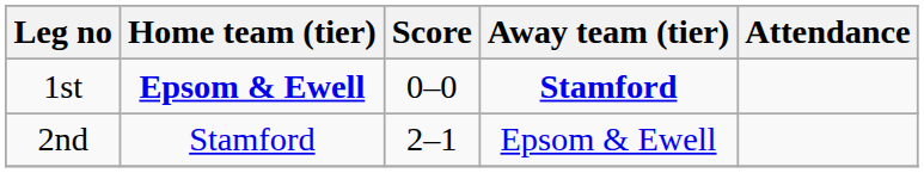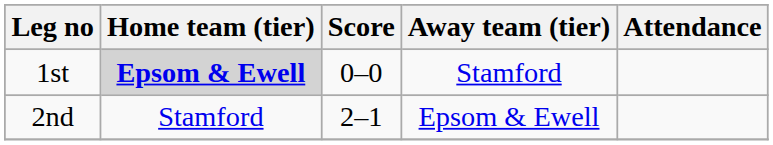 <table class="wikitable" style="text-align:center">
 <tr>
 <th>Leg no</th>
 <th>Home team (tier)</th>
 <th>Score</th>
 <th>Away team (tier)</th>
 <th>Attendance</th>
 </tr>
 <tr>
 <td>1st</td>
-<td><strong><a href='#'>Epsom & Ewell</a></strong></td>
+<td style="background: lightgrey;"><strong><a href='#'>Epsom & Ewell</a></strong></td>
 <td>0–0</td>
-<td><strong><a href='#'>Stamford</a></strong></td>
+<td><a href='#'>Stamford</a></td>
 <td></td>
 </tr>
 <tr>
 <td>2nd</td>
 <td><a href='#'>Stamford</a></td>
 <td>2–1</td>
 <td><a href='#'>Epsom & Ewell</a></td>
 <td></td>
 </tr>
 <tr>
 </tr>
 </table>
